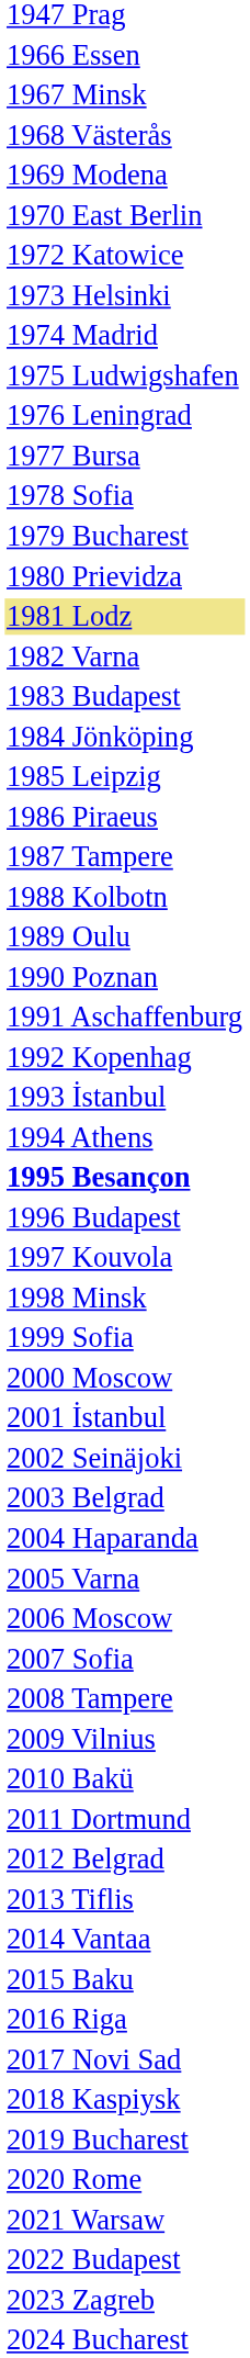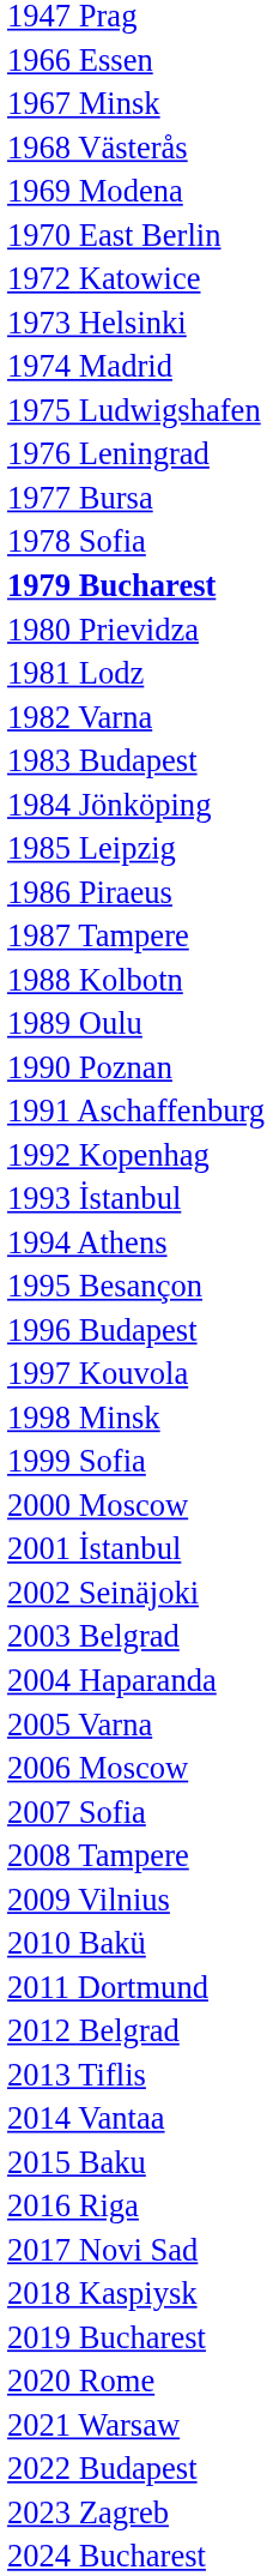 <table>
 <tr>
 <td><a href='#'>1947 Prag</a></td>
 <td></td>
 <td></td>
 <td></td>
 </tr>
 <tr>
 <td><a href='#'>1966 Essen</a></td>
 <td></td>
 <td></td>
 <td></td>
 </tr>
 <tr>
 <td><a href='#'>1967 Minsk</a></td>
 <td></td>
 <td></td>
 <td></td>
 </tr>
 <tr>
 <td><a href='#'>1968 Västerås</a></td>
 <td></td>
 <td></td>
 <td></td>
 </tr>
 <tr>
 <td><a href='#'>1969 Modena</a></td>
 <td></td>
 <td></td>
 <td></td>
 </tr>
 <tr>
 <td><a href='#'>1970 East Berlin</a></td>
 <td></td>
 <td></td>
 <td></td>
 </tr>
 <tr>
 <td><a href='#'>1972 Katowice</a></td>
 <td></td>
 <td></td>
 <td></td>
 </tr>
 <tr>
 <td><a href='#'>1973 Helsinki</a></td>
 <td></td>
 <td></td>
 <td></td>
 </tr>
 <tr>
 <td><a href='#'>1974 Madrid</a></td>
 <td></td>
 <td></td>
 <td></td>
 </tr>
 <tr>
 <td><a href='#'>1975 Ludwigshafen</a></td>
 <td></td>
 <td></td>
 <td></td>
 </tr>
 <tr>
 <td><a href='#'>1976 Leningrad</a></td>
 <td></td>
 <td></td>
 <td></td>
 </tr>
 <tr>
 <td><a href='#'>1977 Bursa</a></td>
 <td></td>
 <td></td>
 <td></td>
 </tr>
 <tr>
 <td><a href='#'>1978 Sofia</a></td>
 <td></td>
 <td></td>
 <td></td>
 </tr>
 <tr>
-<td><a href='#'>1979 Bucharest</a></td>
+<td><strong><a href='#'>1979 Bucharest</a></strong></td>
 <td></td>
 <td></td>
 <td></td>
 </tr>
 <tr>
 <td><a href='#'>1980 Prievidza</a></td>
 <td></td>
 <td></td>
 <td></td>
 </tr>
 <tr>
-<td style="background: khaki;"><a href='#'>1981 Lodz</a></td>
+<td><a href='#'>1981 Lodz</a></td>
 <td></td>
 <td></td>
 <td></td>
 </tr>
 <tr>
 <td><a href='#'>1982 Varna</a></td>
 <td></td>
 <td></td>
 <td></td>
 </tr>
 <tr>
 <td><a href='#'>1983 Budapest</a></td>
 <td></td>
 <td></td>
 <td></td>
 </tr>
 <tr>
 <td><a href='#'>1984 Jönköping</a></td>
 <td></td>
 <td></td>
 <td></td>
 </tr>
 <tr>
 <td><a href='#'>1985 Leipzig</a></td>
 <td></td>
 <td></td>
 <td></td>
 </tr>
 <tr>
 <td><a href='#'>1986 Piraeus</a></td>
 <td></td>
 <td></td>
 <td></td>
 </tr>
 <tr>
 <td><a href='#'>1987 Tampere</a></td>
 <td></td>
 <td></td>
 <td></td>
 </tr>
 <tr>
 <td><a href='#'>1988 Kolbotn</a></td>
 <td></td>
 <td></td>
 <td></td>
 </tr>
 <tr>
 <td><a href='#'>1989 Oulu</a></td>
 <td></td>
 <td></td>
 <td></td>
 </tr>
 <tr>
 <td><a href='#'>1990 Poznan</a></td>
 <td></td>
 <td></td>
 <td></td>
 </tr>
 <tr>
 <td><a href='#'>1991 Aschaffenburg</a></td>
 <td></td>
 <td></td>
 <td></td>
 </tr>
 <tr>
 <td><a href='#'>1992 Kopenhag</a></td>
 <td></td>
 <td></td>
 <td></td>
 </tr>
 <tr>
 <td><a href='#'>1993 İstanbul</a></td>
 <td></td>
 <td></td>
 <td></td>
 </tr>
 <tr>
 <td><a href='#'>1994 Athens</a></td>
 <td></td>
 <td></td>
 <td></td>
 </tr>
 <tr>
-<td><strong><a href='#'>1995 Besançon</a></strong></td>
+<td><a href='#'>1995 Besançon</a></td>
 <td></td>
 <td></td>
 <td></td>
 </tr>
 <tr>
 <td><a href='#'>1996 Budapest</a></td>
 <td></td>
 <td></td>
 <td></td>
 </tr>
 <tr>
 <td><a href='#'>1997 Kouvola</a></td>
 <td></td>
 <td></td>
 <td></td>
 </tr>
 <tr>
 <td><a href='#'>1998 Minsk</a></td>
 <td></td>
 <td></td>
 <td></td>
 </tr>
 <tr>
 <td><a href='#'>1999 Sofia</a></td>
 <td></td>
 <td></td>
 <td></td>
 </tr>
 <tr>
 <td><a href='#'>2000 Moscow</a></td>
 <td></td>
 <td></td>
 <td></td>
 </tr>
 <tr>
 <td><a href='#'>2001 İstanbul</a></td>
 <td></td>
 <td></td>
 <td></td>
 </tr>
 <tr>
 <td><a href='#'>2002 Seinäjoki</a></td>
 <td></td>
 <td></td>
 <td></td>
 </tr>
 <tr>
 <td><a href='#'>2003 Belgrad</a></td>
 <td></td>
 <td></td>
 <td></td>
 </tr>
 <tr>
 <td><a href='#'>2004 Haparanda</a></td>
 <td></td>
 <td></td>
 <td></td>
 </tr>
 <tr>
 <td rowspan=2><a href='#'>2005 Varna</a></td>
 <td rowspan=2></td>
 <td rowspan=2></td>
 <td></td>
 </tr>
 <tr>
 <td></td>
 </tr>
 <tr>
 <td rowspan=2><a href='#'>2006 Moscow</a></td>
 <td rowspan=2></td>
 <td rowspan=2></td>
 <td></td>
 </tr>
 <tr>
 <td></td>
 </tr>
 <tr>
 <td rowspan=2><a href='#'>2007 Sofia</a></td>
 <td rowspan=2></td>
 <td rowspan=2></td>
 <td></td>
 </tr>
 <tr>
 <td></td>
 </tr>
 <tr>
 <td rowspan=2><a href='#'>2008 Tampere</a></td>
 <td rowspan=2></td>
 <td rowspan=2></td>
 <td></td>
 </tr>
 <tr>
 <td></td>
 </tr>
 <tr>
 <td rowspan=2><a href='#'>2009 Vilnius</a></td>
 <td rowspan=2></td>
 <td rowspan=2></td>
 <td></td>
 </tr>
 <tr>
 <td></td>
 </tr>
 <tr>
 <td rowspan=2><a href='#'>2010 Bakü</a></td>
 <td rowspan=2></td>
 <td rowspan=2></td>
 <td></td>
 </tr>
 <tr>
 <td></td>
 </tr>
 <tr>
 <td rowspan=2><a href='#'>2011 Dortmund</a></td>
 <td rowspan=2></td>
 <td rowspan=2></td>
 <td></td>
 </tr>
 <tr>
 <td></td>
 </tr>
 <tr>
 <td rowspan=2><a href='#'>2012 Belgrad</a></td>
 <td rowspan=2></td>
 <td rowspan=2></td>
 <td></td>
 </tr>
 <tr>
 <td></td>
 </tr>
 <tr>
 <td rowspan=2><a href='#'>2013 Tiflis</a></td>
 <td rowspan=2></td>
 <td rowspan=2></td>
 <td></td>
 </tr>
 <tr>
 <td></td>
 </tr>
 <tr>
 <td rowspan=2><a href='#'>2014 Vantaa</a></td>
 <td rowspan=2></td>
 <td rowspan=2></td>
 <td></td>
 </tr>
 <tr>
 <td></td>
 </tr>
 <tr>
 <td rowspan=2><a href='#'>2015 Baku</a></td>
 <td rowspan=2></td>
 <td rowspan=2></td>
 <td></td>
 </tr>
 <tr>
 <td></td>
 </tr>
 <tr>
 <td rowspan=2><a href='#'>2016 Riga</a></td>
 <td rowspan=2></td>
 <td rowspan=2></td>
 <td></td>
 </tr>
 <tr>
 <td></td>
 </tr>
 <tr>
 <td rowspan=2><a href='#'>2017 Novi Sad</a></td>
 <td rowspan=2></td>
 <td rowspan=2></td>
 <td></td>
 </tr>
 <tr>
 <td></td>
 </tr>
 <tr>
 <td rowspan=2><a href='#'>2018 Kaspiysk</a></td>
 <td rowspan=2></td>
 <td rowspan=2></td>
 <td></td>
 </tr>
 <tr>
 <td></td>
 </tr>
 <tr>
 <td rowspan=2><a href='#'>2019 Bucharest</a></td>
 <td rowspan=2></td>
 <td rowspan=2></td>
 <td></td>
 </tr>
 <tr>
 <td></td>
 </tr>
 <tr>
 <td rowspan=2><a href='#'>2020 Rome</a></td>
 <td rowspan=2></td>
 <td rowspan=2></td>
 <td></td>
 </tr>
 <tr>
 <td></td>
 </tr>
 <tr>
 <td rowspan=2><a href='#'>2021 Warsaw</a></td>
 <td rowspan=2></td>
 <td rowspan=2></td>
 <td></td>
 </tr>
 <tr>
 <td></td>
 </tr>
 <tr>
 <td rowspan=2><a href='#'>2022 Budapest</a></td>
 <td rowspan=2></td>
 <td rowspan=2></td>
 <td></td>
 </tr>
 <tr>
 <td></td>
 </tr>
 <tr>
 <td rowspan=2><a href='#'>2023 Zagreb</a></td>
 <td rowspan=2></td>
 <td rowspan=2></td>
 <td></td>
 </tr>
 <tr>
 <td></td>
 </tr>
 <tr>
 <td rowspan=2><a href='#'>2024 Bucharest</a></td>
 <td rowspan=2></td>
 <td rowspan=2></td>
 <td></td>
 </tr>
 <tr>
 <td></td>
 </tr>
 </table>
